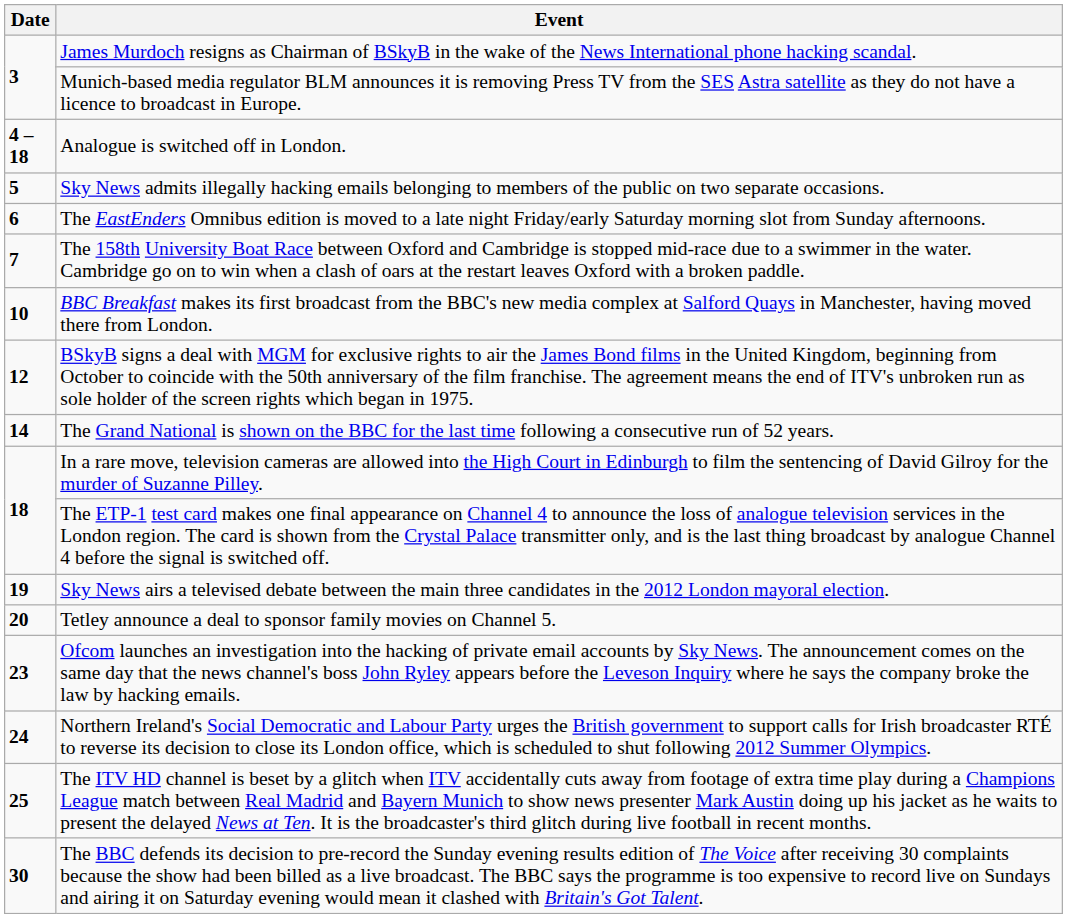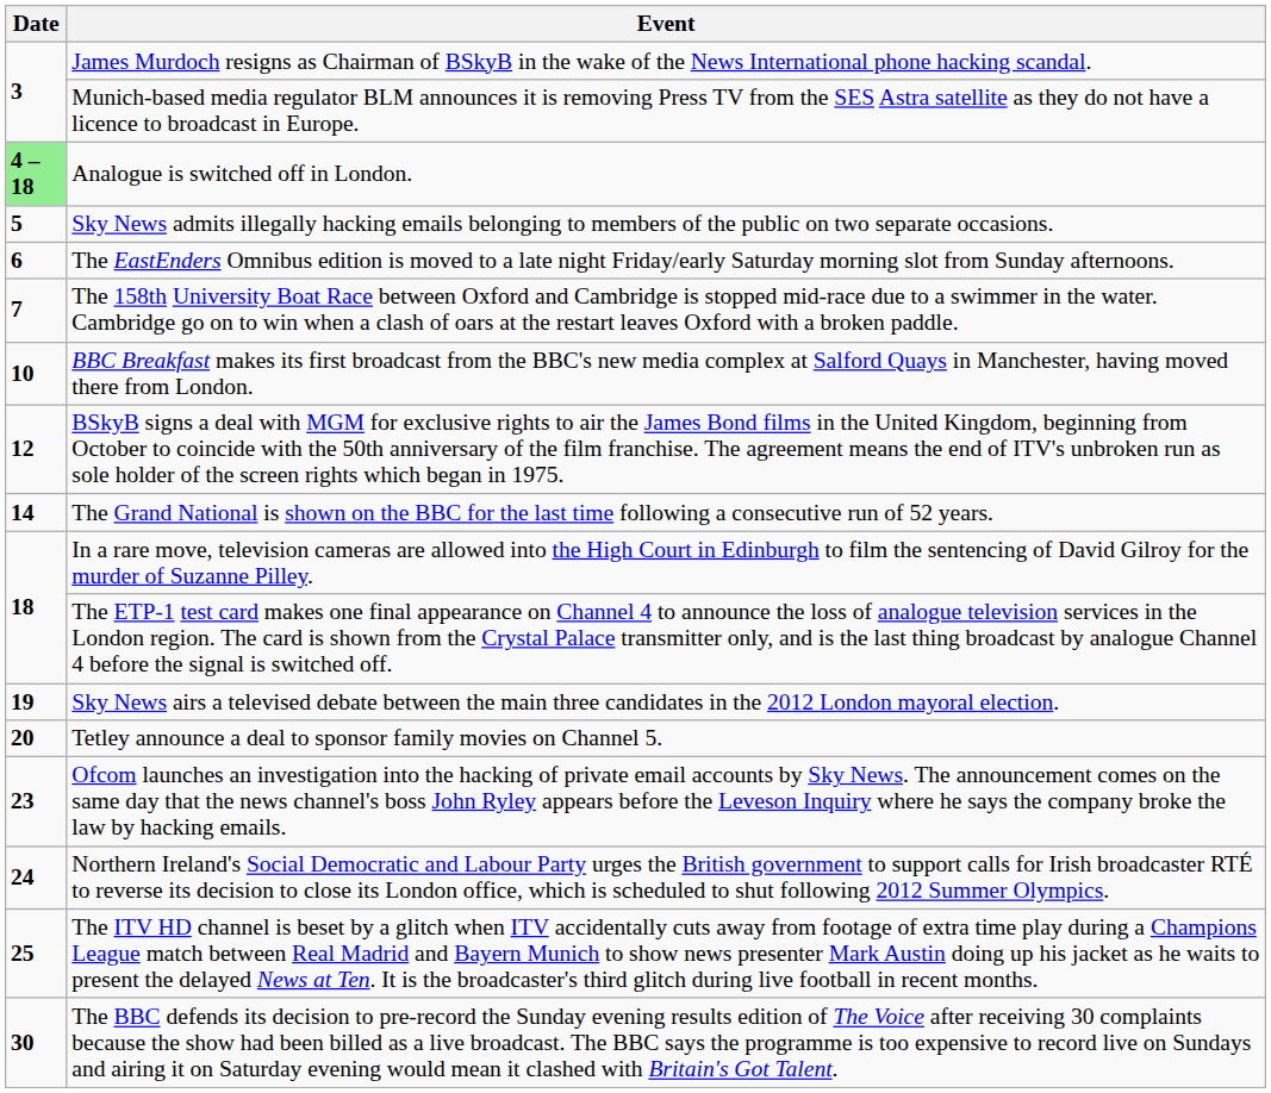 <table class="wikitable">
 <tr>
 <th>Date</th>
 <th>Event</th>
 </tr>
 <tr>
 <td rowspan=2><strong>3</strong></td>
 <td><a href='#'>James Murdoch</a> resigns as Chairman of <a href='#'>BSkyB</a> in the wake of the <a href='#'>News International phone hacking scandal</a>.</td>
 </tr>
 <tr>
 <td>Munich-based media regulator BLM announces it is removing Press TV from the <a href='#'>SES</a> <a href='#'>Astra satellite</a> as they do not have a licence to broadcast in Europe.</td>
 </tr>
 <tr>
-<td><strong>4 – 18</strong></td>
+<td style="background: lightgreen;"><strong>4 – 18</strong></td>
 <td>Analogue is switched off in London.</td>
 </tr>
 <tr>
 <td><strong>5</strong></td>
 <td><a href='#'>Sky News</a> admits illegally hacking emails belonging to members of the public on two separate occasions.</td>
 </tr>
 <tr>
 <td><strong>6</strong></td>
 <td>The <em><a href='#'>EastEnders</a></em> Omnibus edition is moved to a late night Friday/early Saturday morning slot from Sunday afternoons.</td>
 </tr>
 <tr>
 <td><strong>7</strong></td>
 <td>The <a href='#'>158th</a> <a href='#'>University Boat Race</a> between Oxford and Cambridge is stopped mid-race due to a swimmer in the water. Cambridge go on to win when a clash of oars at the restart leaves Oxford with a broken paddle.</td>
 </tr>
 <tr>
 <td><strong>10</strong></td>
 <td><em><a href='#'>BBC Breakfast</a></em> makes its first broadcast from the BBC's new media complex at <a href='#'>Salford Quays</a> in Manchester, having moved there from London.</td>
 </tr>
 <tr>
 <td><strong>12</strong></td>
 <td><a href='#'>BSkyB</a> signs a deal with <a href='#'>MGM</a> for exclusive rights to air the <a href='#'>James Bond films</a> in the United Kingdom, beginning from October to coincide with the 50th anniversary of the film franchise. The agreement means the end of ITV's unbroken run as sole holder of the screen rights which began in 1975.</td>
 </tr>
 <tr>
 <td><strong>14</strong></td>
 <td>The <a href='#'>Grand National</a> is <a href='#'>shown on the BBC for the last time</a> following a consecutive run of 52 years.</td>
 </tr>
 <tr>
 <td rowspan=2><strong>18</strong></td>
 <td>In a rare move, television cameras are allowed into <a href='#'>the High Court in Edinburgh</a> to film the sentencing of David Gilroy for the <a href='#'>murder of Suzanne Pilley</a>.</td>
 </tr>
 <tr>
 <td>The <a href='#'>ETP-1</a> <a href='#'>test card</a> makes one final appearance on <a href='#'>Channel 4</a> to announce the loss of <a href='#'>analogue television</a> services in the London region. The card is shown from the <a href='#'>Crystal Palace</a> transmitter only, and is the last thing broadcast by analogue Channel 4 before the signal is switched off.</td>
 </tr>
 <tr>
 <td><strong>19</strong></td>
 <td><a href='#'>Sky News</a> airs a televised debate between the main three candidates in the <a href='#'>2012 London mayoral election</a>.</td>
 </tr>
 <tr>
 <td><strong>20</strong></td>
 <td>Tetley announce a deal to sponsor family movies on Channel 5.</td>
 </tr>
 <tr>
 <td><strong>23</strong></td>
 <td><a href='#'>Ofcom</a> launches an investigation into the hacking of private email accounts by <a href='#'>Sky News</a>. The announcement comes on the same day that the news channel's boss <a href='#'>John Ryley</a> appears before the <a href='#'>Leveson Inquiry</a> where he says the company broke the law by hacking emails.</td>
 </tr>
 <tr>
 <td><strong>24</strong></td>
 <td>Northern Ireland's <a href='#'>Social Democratic and Labour Party</a> urges the <a href='#'>British government</a> to support calls for Irish broadcaster RTÉ to reverse its decision to close its London office, which is scheduled to shut following <a href='#'>2012 Summer Olympics</a>.</td>
 </tr>
 <tr>
 <td><strong>25</strong></td>
 <td>The <a href='#'>ITV HD</a> channel is beset by a glitch when <a href='#'>ITV</a> accidentally cuts away from footage of extra time play during a <a href='#'>Champions League</a> match between <a href='#'>Real Madrid</a> and <a href='#'>Bayern Munich</a> to show news presenter <a href='#'>Mark Austin</a> doing up his jacket as he waits to present the delayed <em><a href='#'>News at Ten</a></em>. It is the broadcaster's third glitch during live football in recent months.</td>
 </tr>
 <tr>
 <td><strong>30</strong></td>
 <td>The <a href='#'>BBC</a> defends its decision to pre-record the Sunday evening results edition of <em><a href='#'>The Voice</a></em> after receiving 30 complaints because the show had been billed as a live broadcast. The BBC says the programme is too expensive to record live on Sundays and airing it on Saturday evening would mean it clashed with <em><a href='#'>Britain's Got Talent</a></em>.</td>
 </tr>
 </table>
